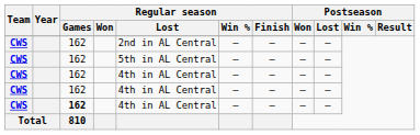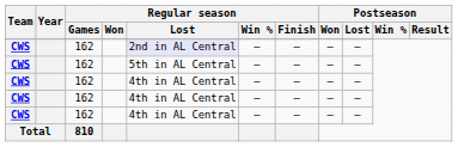 <table class="wikitable" style="font-size: 95%; text-align:center;">
 <tr>
 <th rowspan="2">Team</th>
 <th rowspan="2">Year</th>
 <th colspan="5">Regular season</th>
 <th colspan="4">Postseason</th>
 </tr>
 <tr>
 <th>Games</th>
 <th>Won</th>
 <th>Lost</th>
 <th>Win %</th>
 <th>Finish</th>
 <th>Won</th>
 <th>Lost</th>
 <th>Win %</th>
 <th>Result</th>
 </tr>
 <tr>
 </tr>
 <tr>
 <th><a href='#'>CWS</a></th>
 <th></th>
 <td>162</td>
 <td></td>
-<td>2nd in AL Central</td>
+<td style="background: lavender;">2nd in AL Central</td>
 <td>–</td>
 <td>–</td>
 <td>–</td>
 <td>–</td>
 </tr>
 <tr>
 <th><a href='#'>CWS</a></th>
 <th></th>
 <td>162</td>
 <td></td>
 <td>5th in AL Central</td>
 <td>–</td>
 <td>–</td>
 <td>–</td>
 <td>–</td>
 </tr>
 <tr>
 <th><a href='#'>CWS</a></th>
 <th></th>
 <td>162</td>
 <td></td>
 <td>4th in AL Central</td>
 <td>–</td>
 <td>–</td>
 <td>–</td>
 <td>–</td>
 </tr>
 <tr>
 <th><a href='#'>CWS</a></th>
 <th></th>
 <td>162</td>
 <td></td>
 <td>4th in AL Central</td>
 <td>–</td>
 <td>–</td>
 <td>–</td>
 <td>–</td>
 </tr>
 <tr>
 <th><a href='#'>CWS</a></th>
 <th></th>
-<td><strong>162</strong></td>
+<td>162</td>
 <td></td>
 <td>4th in AL Central</td>
 <td>–</td>
 <td>–</td>
 <td>–</td>
 <td>–</td>
 </tr>
 <tr>
 <th colspan="2">Total</th>
 <th>810</th>
 <th></th>
 <th></th>
 <th></th>
 <th></th>
 </tr>
 </table>
